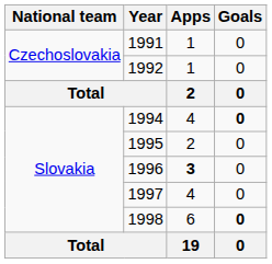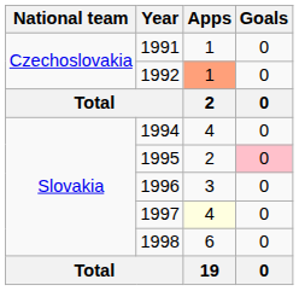 <table class="wikitable" style="text-align:center">
 <tr>
 <th>National team</th>
 <th>Year</th>
 <th>Apps</th>
 <th>Goals</th>
 </tr>
 <tr>
 <td rowspan="2"><a href='#'>Czechoslovakia</a></td>
 <td>1991</td>
 <td>1</td>
 <td>0</td>
 </tr>
 <tr>
 <td>1992</td>
-<td>1</td>
+<td style="background: lightsalmon;">1</td>
 <td>0</td>
 </tr>
 <tr>
 <th colspan="2">Total</th>
 <th>2</th>
 <th>0</th>
 </tr>
 <tr>
 <td rowspan="5"><a href='#'>Slovakia</a></td>
 <td>1994</td>
 <td>4</td>
-<td><strong>0</strong></td>
+<td>0</td>
 </tr>
 <tr>
 <td>1995</td>
 <td>2</td>
-<td>0</td>
+<td style="background: pink;">0</td>
 </tr>
 <tr>
 <td>1996</td>
-<td><strong>3</strong></td>
+<td>3</td>
 <td>0</td>
 </tr>
 <tr>
 <td>1997</td>
-<td>4</td>
+<td style="background: lightyellow;">4</td>
 <td>0</td>
 </tr>
 <tr>
 <td>1998</td>
 <td>6</td>
-<td><strong>0</strong></td>
+<td>0</td>
 </tr>
 <tr>
 <th colspan="2">Total</th>
 <th>19</th>
 <th>0</th>
 </tr>
 </table>
